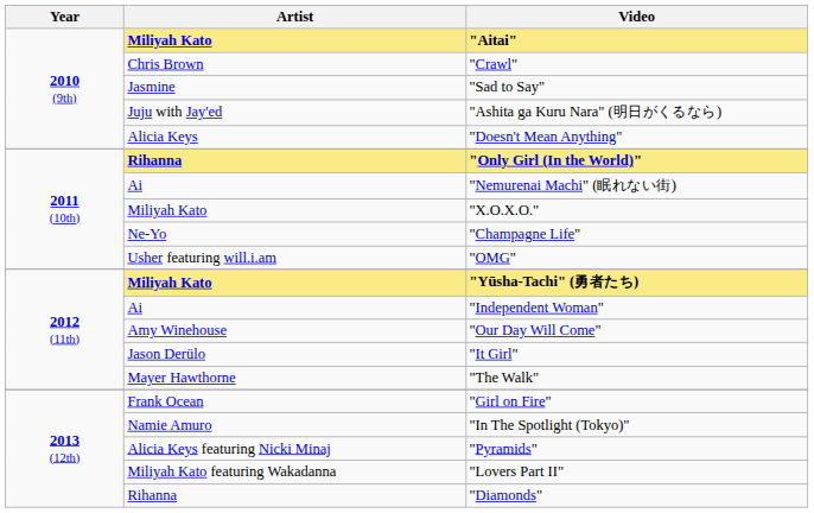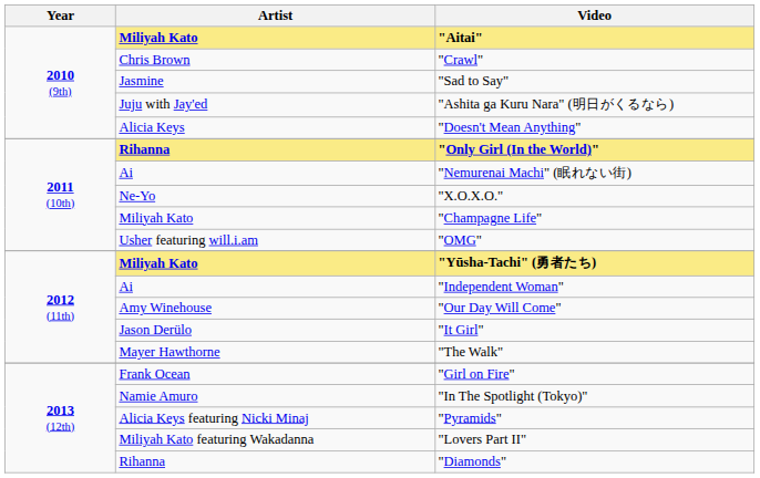 <table class="sortable wikitable">
 <tr>
 <th width="8%">Year</th>
 <th width="23%">Artist</th>
 <th width="23%">Video</th>
 </tr>
 <tr>
 <td rowspan=5 style="text-align:center"><strong><a href='#'>2010</a></strong><br><small><a href='#'>(9th)</a></small></td>
 <td style="background:#FAEB86"><strong><a href='#'>Miliyah Kato</a></strong></td>
 <td style="background:#FAEB86"><strong>"Aitai"</strong></td>
 </tr>
 <tr>
 <td><a href='#'>Chris Brown</a></td>
 <td>"<a href='#'>Crawl</a>"</td>
 </tr>
 <tr>
 <td><a href='#'>Jasmine</a></td>
 <td>"Sad to Say"</td>
 </tr>
 <tr>
 <td><a href='#'>Juju</a> with <a href='#'>Jay'ed</a></td>
 <td>"Ashita ga Kuru Nara" (明日がくるなら)</td>
 </tr>
 <tr>
 <td><a href='#'>Alicia Keys</a></td>
 <td>"<a href='#'>Doesn't Mean Anything</a>"</td>
 </tr>
 <tr>
 </tr>
 <tr>
 <td rowspan=5 style="text-align:center"><strong><a href='#'>2011</a></strong><br><small><a href='#'>(10th)</a></small></td>
 <td style="background:#FAEB86"><strong><a href='#'>Rihanna</a></strong></td>
 <td style="background:#FAEB86"><strong>"<a href='#'>Only Girl (In the World)</a>"</strong></td>
 </tr>
 <tr>
 <td><a href='#'>Ai</a></td>
 <td>"<a href='#'>Nemurenai Machi</a>" (眠れない街)</td>
 </tr>
 <tr>
-<td><a href='#'>Miliyah Kato</a></td>
+<td><a href='#'>Ne-Yo</a></td>
 <td>"X.O.X.O."</td>
 </tr>
 <tr>
-<td><a href='#'>Ne-Yo</a></td>
+<td><a href='#'>Miliyah Kato</a></td>
 <td>"<a href='#'>Champagne Life</a>"</td>
 </tr>
 <tr>
 <td><a href='#'>Usher</a> featuring <a href='#'>will.i.am</a></td>
 <td>"<a href='#'>OMG</a>"</td>
 </tr>
 <tr>
 </tr>
 <tr>
 <td rowspan=5 style="text-align:center"><strong><a href='#'>2012</a></strong><br><small><a href='#'>(11th)</a></small></td>
 <td style="background:#FAEB86"><strong><a href='#'>Miliyah Kato</a></strong></td>
 <td style="background:#FAEB86"><strong>"Yūsha-Tachi" (勇者たち)</strong></td>
 </tr>
 <tr>
 <td><a href='#'>Ai</a></td>
 <td>"<a href='#'>Independent Woman</a>"</td>
 </tr>
 <tr>
 <td><a href='#'>Amy Winehouse</a></td>
 <td>"<a href='#'>Our Day Will Come</a>"</td>
 </tr>
 <tr>
 <td><a href='#'>Jason Derülo</a></td>
 <td>"<a href='#'>It Girl</a>"</td>
 </tr>
 <tr>
 <td><a href='#'>Mayer Hawthorne</a></td>
 <td>"The Walk"</td>
 </tr>
 <tr>
 </tr>
 <tr>
 <td rowspan=5 style="text-align:center"><strong><a href='#'>2013</a></strong><br><small><a href='#'>(12th)</a></small></td>
 <td><a href='#'>Frank Ocean</a></td>
 <td>"<a href='#'>Girl on Fire</a>"</td>
 </tr>
 <tr>
 <td><a href='#'>Namie Amuro</a></td>
 <td>"In The Spotlight (Tokyo)"</td>
 </tr>
 <tr>
 <td><a href='#'>Alicia Keys</a> featuring <a href='#'>Nicki Minaj</a></td>
 <td>"<a href='#'>Pyramids</a>"</td>
 </tr>
 <tr>
 <td><a href='#'>Miliyah Kato</a> featuring Wakadanna</td>
 <td>"Lovers Part II"</td>
 </tr>
 <tr>
 <td><a href='#'>Rihanna</a></td>
 <td>"<a href='#'>Diamonds</a>"</td>
 </tr>
 </table>
